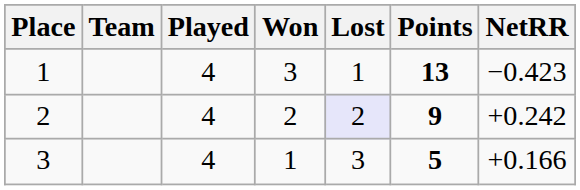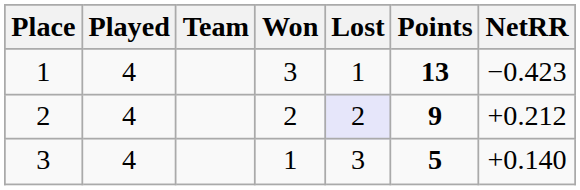 <table class="wikitable">
 <tr>
 <th>Place</th>
+<th>Played</th>
 <th>Team</th>
-<th>Played</th>
 <th>Won</th>
 <th>Lost</th>
 <th>Points</th>
 <th>NetRR</th>
 </tr>
 <tr align="center">
 <td>1</td>
+<td>4</td>
 <td align="left"></td>
-<td>4</td>
 <td>3</td>
 <td>1</td>
 <td><strong>13</strong></td>
 <td>−0.423</td>
 </tr>
 <tr align="center">
 <td>2</td>
+<td>4</td>
 <td align="left"></td>
-<td>4</td>
 <td>2</td>
 <td style="background: lavender;">2</td>
 <td><strong>9</strong></td>
-<td>+0.242</td>
+<td>+0.212</td>
 </tr>
 <tr align="center">
 <td>3</td>
+<td>4</td>
 <td align="left"></td>
-<td>4</td>
 <td>1</td>
 <td>3</td>
 <td><strong>5</strong></td>
-<td>+0.166</td>
+<td>+0.140</td>
 </tr>
 </table>
